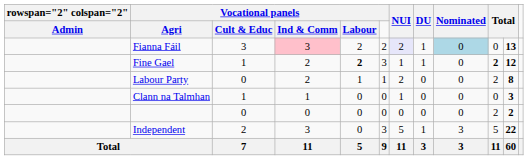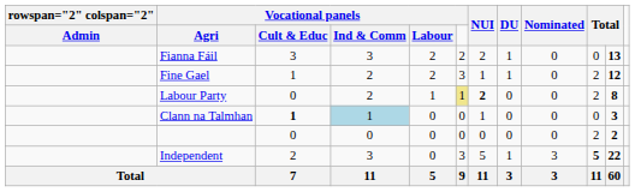 <table class="wikitable">
 <tr>
 <th>rowspan="2" colspan="2" </th>
 <th scope="col" colspan="5"><a href='#'>Vocational panels</a></th>
 <th rowspan="2"><a href='#'>NUI</a></th>
 <th rowspan="2"><a href='#'>DU</a></th>
 <th rowspan="2"><a href='#'>Nominated</a></th>
 <th rowspan="2" colspan="2">Total</th>
 </tr>
 <tr>
 <th scope="col"><a href='#'>Admin</a></th>
 <th scope="col"><a href='#'>Agri</a></th>
 <th scope="col"><a href='#'>Cult & Educ</a></th>
 <th scope="col"><a href='#'>Ind & Comm</a></th>
 <th scope="col"><a href='#'>Labour</a></th>
 </tr>
 <tr style="text-align:center">
 <td style="background-color: "></td>
 <td align="left"><a href='#'>Fianna Fáil</a></td>
 <td>3</td>
-<td style="background: pink;">3</td>
+<td>3</td>
 <td>2</td>
 <td>2</td>
-<td style="background: lavender;">2</td>
+<td>2</td>
 <td>1</td>
-<td style="background: lightblue;">0</td>
+<td>0</td>
 <td>0</td>
 <td><strong>13</strong></td>
 <td style="background-color: "></td>
 </tr>
 <tr style="text-align:center">
 <td style="background-color: "></td>
 <td align="left"><a href='#'>Fine Gael</a></td>
 <td>1</td>
 <td>2</td>
-<td><strong>2</strong></td>
+<td>2</td>
 <td>3</td>
 <td>1</td>
 <td>1</td>
 <td>0</td>
-<td><strong>2</strong></td>
+<td>2</td>
 <td><strong>12</strong></td>
 <td style="background-color: "></td>
 </tr>
 <tr style="text-align:center">
 <td style="background-color: "></td>
 <td align="left"><a href='#'>Labour Party</a></td>
 <td>0</td>
 <td>2</td>
 <td>1</td>
-<td>1</td>
-<td>2</td>
+<td style="background: khaki;">1</td>
+<td><strong>2</strong></td>
 <td>0</td>
 <td>0</td>
 <td>2</td>
 <td><strong>8</strong></td>
 <td style="background-color: "></td>
 </tr>
 <tr style="text-align:center">
 <td style="background-color: "></td>
 <td align="left"><a href='#'>Clann na Talmhan</a></td>
-<td>1</td>
-<td>1</td>
+<td><strong>1</strong></td>
+<td style="background: lightblue;">1</td>
 <td>0</td>
 <td>0</td>
 <td>1</td>
 <td>0</td>
 <td>0</td>
 <td>0</td>
 <td><strong>3</strong></td>
 <td style="background-color: "></td>
 </tr>
 <tr style="text-align:center">
 <td style="background-color: "></td>
 <td align="left"></td>
 <td>0</td>
 <td>0</td>
 <td>0</td>
 <td>0</td>
 <td>0</td>
 <td>0</td>
 <td>0</td>
 <td>2</td>
 <td><strong>2</strong></td>
 <td style="background-color: "></td>
 </tr>
 <tr style="text-align:center">
 <td style="background-color: "></td>
 <td align="left"><a href='#'>Independent</a></td>
 <td>2</td>
 <td>3</td>
 <td>0</td>
 <td>3</td>
 <td>5</td>
 <td>1</td>
 <td>3</td>
-<td>5</td>
+<td><strong>5</strong></td>
 <td><strong>22</strong></td>
 <td style="background-color: "></td>
 </tr>
 <tr style="text-align:center">
 <th colspan="2">Total</th>
 <th>7</th>
 <th>11</th>
 <th>5</th>
 <th>9</th>
 <th>11</th>
 <th>3</th>
 <th>3</th>
 <th>11</th>
 <th>60</th>
 <th></th>
 </tr>
 </table>
